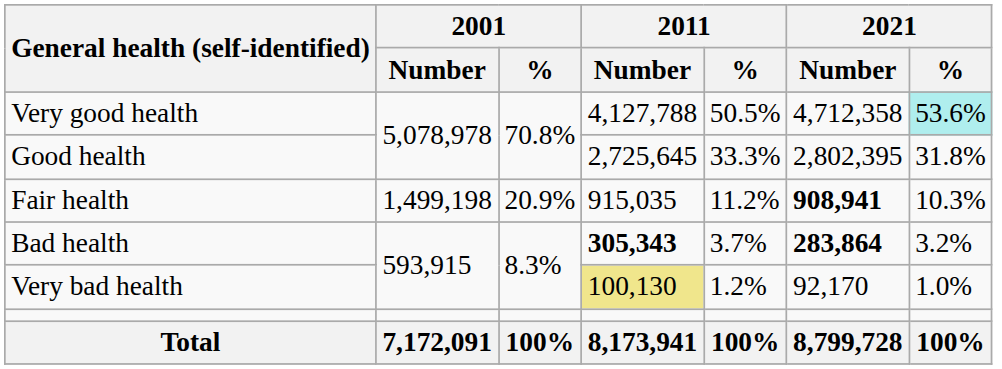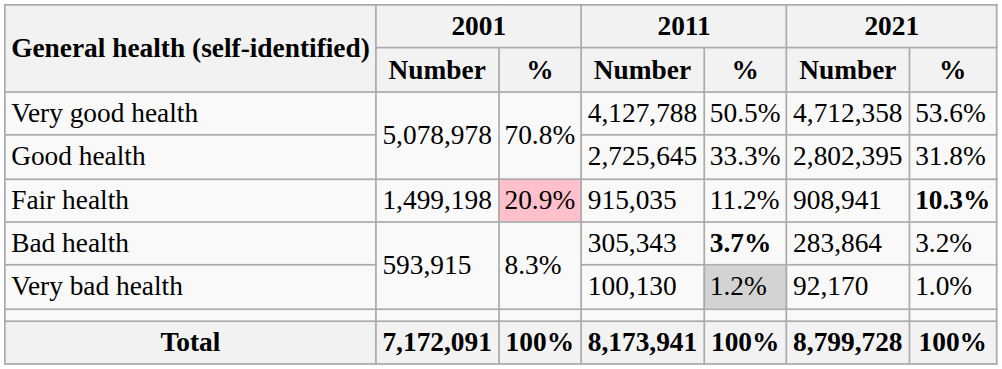 <table class="wikitable mw-collapsible">
 <tr>
 <th rowspan="2">General health (self-identified)</th>
 <th colspan="2">2001</th>
 <th colspan="2">2011</th>
 <th colspan="2">2021</th>
 </tr>
 <tr>
 <th>Number</th>
 <th>%</th>
 <th>Number</th>
 <th>%</th>
 <th>Number</th>
 <th>%</th>
 </tr>
 <tr>
 <td>Very good health</td>
 <td rowspan="2">5,078,978</td>
 <td rowspan="2">70.8%</td>
 <td>4,127,788</td>
 <td>50.5%</td>
 <td>4,712,358</td>
-<td style="background: paleturquoise;">53.6%</td>
+<td>53.6%</td>
 </tr>
 <tr>
 <td>Good health</td>
 <td>2,725,645</td>
 <td>33.3%</td>
 <td>2,802,395</td>
 <td>31.8%</td>
 </tr>
 <tr>
 <td>Fair health</td>
 <td>1,499,198</td>
-<td>20.9%</td>
+<td style="background: pink;">20.9%</td>
 <td>915,035</td>
 <td>11.2%</td>
-<td><strong>908,941</strong></td>
-<td>10.3%</td>
+<td>908,941</td>
+<td><strong>10.3%</strong></td>
 </tr>
 <tr>
 <td>Bad health</td>
 <td rowspan="2">593,915</td>
 <td rowspan="2">8.3%</td>
-<td><strong>305,343</strong></td>
-<td>3.7%</td>
-<td><strong>283,864</strong></td>
+<td>305,343</td>
+<td><strong>3.7%</strong></td>
+<td>283,864</td>
 <td>3.2%</td>
 </tr>
 <tr>
 <td>Very bad health</td>
-<td style="background: khaki;">100,130</td>
-<td>1.2%</td>
+<td>100,130</td>
+<td style="background: lightgrey;">1.2%</td>
 <td>92,170</td>
 <td>1.0%</td>
 </tr>
 <tr>
 <td></td>
 <td></td>
 <td></td>
 <td></td>
 <td></td>
 <td></td>
 <td></td>
 </tr>
 <tr>
 <th>Total</th>
 <th>7,172,091</th>
 <th>100%</th>
 <th>8,173,941</th>
 <th>100%</th>
 <th>8,799,728</th>
 <th>100%</th>
 </tr>
 </table>
